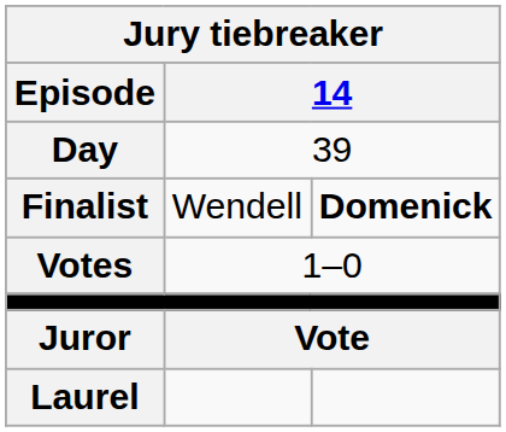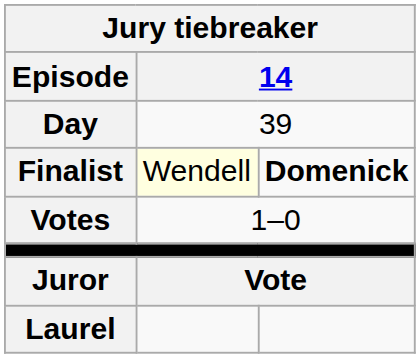 <table class="wikitable nowrap" style="text-align:center; font-size:100%">
 <tr>
 <th colspan="4">Jury tiebreaker</th>
 </tr>
 <tr>
 <th>Episode</th>
 <th colspan="2"><a href='#'>14</a></th>
 </tr>
 <tr>
 <th>Day</th>
 <td colspan="2">39</td>
 </tr>
 <tr>
 <th>Finalist</th>
-<td>Wendell</td>
+<td style="background: lightyellow;">Wendell</td>
 <td><strong>Domenick</strong></td>
 </tr>
 <tr>
 <th>Votes</th>
 <td colspan="2">1–0</td>
 </tr>
 <tr>
 <th colspan="5" style="background:black;"></th>
 </tr>
 <tr>
 <th>Juror</th>
 <th colspan="4">Vote</th>
 </tr>
 <tr>
 <th>Laurel</th>
 <td></td>
 <td></td>
 </tr>
 </table>
